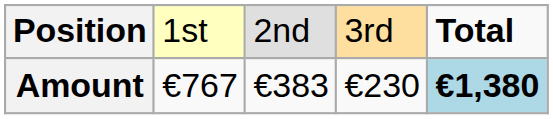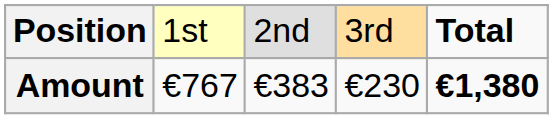 <table class="wikitable">
 <tr>
 <th>Position</th>
 <td bgcolor="#ffffbf">1st</td>
 <td bgcolor="#dfdfdf">2nd</td>
 <td bgcolor="#ffdf9f">3rd</td>
 <td><strong>Total</strong></td>
 </tr>
 <tr>
 <th>Amount</th>
 <td>€767</td>
 <td>€383</td>
 <td>€230</td>
-<td style="background: lightblue;"><strong>€1,380</strong></td>
+<td><strong>€1,380</strong></td>
 </tr>
 </table>
